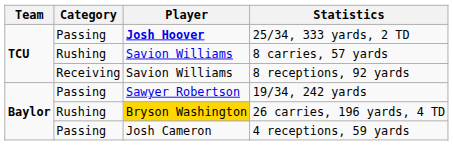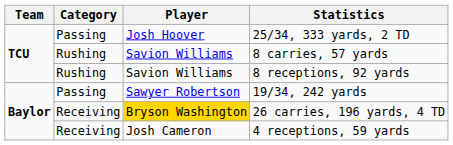 <table class="wikitable" style="float: right;">
 <tr>
 <th>Team</th>
 <th>Category</th>
 <th>Player</th>
 <th>Statistics</th>
 </tr>
 <tr>
 <td rowspan=3><strong>TCU</strong></td>
 <td>Passing</td>
-<td><strong><a href='#'>Josh Hoover</a></strong></td>
+<td><a href='#'>Josh Hoover</a></td>
 <td>25/34, 333 yards, 2 TD</td>
 </tr>
 <tr>
 <td>Rushing</td>
 <td><a href='#'>Savion Williams</a></td>
 <td>8 carries, 57 yards</td>
 </tr>
 <tr>
-<td>Receiving</td>
+<td>Rushing</td>
 <td>Savion Williams</td>
 <td>8 receptions, 92 yards</td>
 </tr>
 <tr>
 <td rowspan=3><strong>Baylor</strong></td>
 <td>Passing</td>
 <td><a href='#'>Sawyer Robertson</a></td>
 <td>19/34, 242 yards</td>
 </tr>
 <tr>
-<td>Rushing</td>
+<td>Receiving</td>
 <td style="background: gold;">Bryson Washington</td>
 <td>26 carries, 196 yards, 4 TD</td>
 </tr>
 <tr>
-<td>Passing</td>
+<td>Receiving</td>
 <td>Josh Cameron</td>
 <td>4 receptions, 59 yards</td>
 </tr>
 </table>
